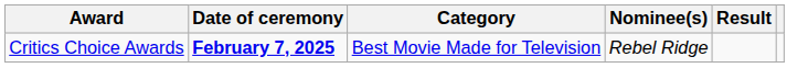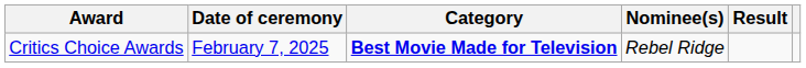 <table class="wikitable plainrowheaders sortable">
 <tr>
 <th scope="col">Award</th>
 <th scope="col">Date of ceremony</th>
 <th scope="col">Category</th>
 <th scope="col">Nominee(s)</th>
 <th scope="col">Result</th>
 <th scope="col" class="unsortable"></th>
 </tr>
 <tr>
 <td><a href='#'>Critics Choice Awards</a></td>
-<td><strong><a href='#'>February 7, 2025</a></strong></td>
-<td><a href='#'>Best Movie Made for Television</a></td>
+<td><a href='#'>February 7, 2025</a></td>
+<td><strong><a href='#'>Best Movie Made for Television</a></strong></td>
 <td><em>Rebel Ridge</em></td>
 <td></td>
 <td style="text-align:center" rowspan="2"></td>
 </tr>
 <tr>
 </tr>
 </table>
